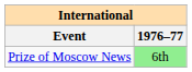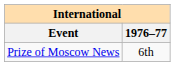 <table class="wikitable" style="text-align:center">
 <tr>
 <th style="background-color: #ffdead; " colspan=2 align=center>International</th>
 </tr>
 <tr>
 <th>Event</th>
 <th>1976–77</th>
 </tr>
 <tr>
 <td align=left><a href='#'>Prize of Moscow News</a></td>
-<td style="background: lightgreen;">6th</td>
+<td>6th</td>
 </tr>
 </table>
